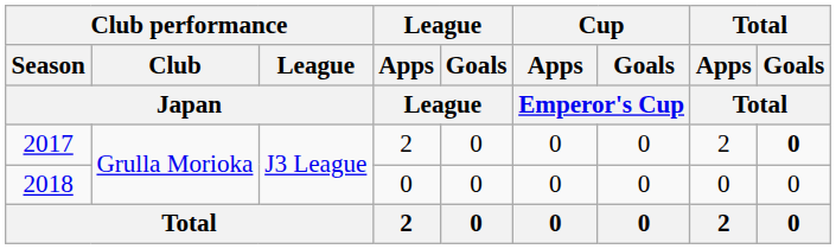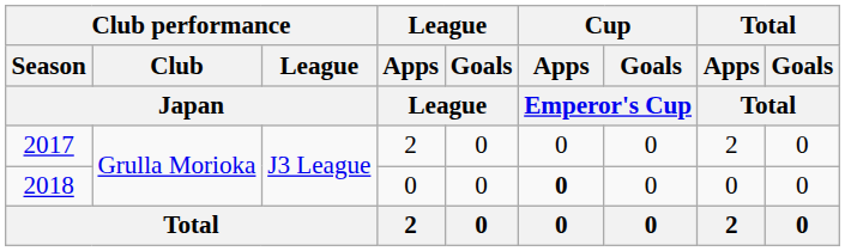 <table class="wikitable" style="text-align:center;">
 <tr>
 <th colspan=3>Club performance</th>
 <th colspan=2>League</th>
 <th colspan=2>Cup</th>
 <th colspan=2>Total</th>
 </tr>
 <tr>
 <th>Season</th>
 <th>Club</th>
 <th>League</th>
 <th>Apps</th>
 <th>Goals</th>
 <th>Apps</th>
 <th>Goals</th>
 <th>Apps</th>
 <th>Goals</th>
 </tr>
 <tr>
 <th colspan=3>Japan</th>
 <th colspan=2>League</th>
 <th colspan=2><a href='#'>Emperor's Cup</a></th>
 <th colspan=2>Total</th>
 </tr>
 <tr>
 <td><a href='#'>2017</a></td>
 <td rowspan="2"><a href='#'>Grulla Morioka</a></td>
 <td rowspan="2"><a href='#'>J3 League</a></td>
 <td>2</td>
 <td>0</td>
 <td>0</td>
 <td>0</td>
 <td>2</td>
-<td><strong>0</strong></td>
+<td>0</td>
 </tr>
 <tr>
 <td><a href='#'>2018</a></td>
 <td>0</td>
 <td>0</td>
-<td>0</td>
+<td><strong>0</strong></td>
 <td>0</td>
 <td>0</td>
 <td>0</td>
 </tr>
 <tr>
 <th colspan=3>Total</th>
 <th>2</th>
 <th>0</th>
 <th>0</th>
 <th>0</th>
 <th>2</th>
 <th>0</th>
 </tr>
 </table>
